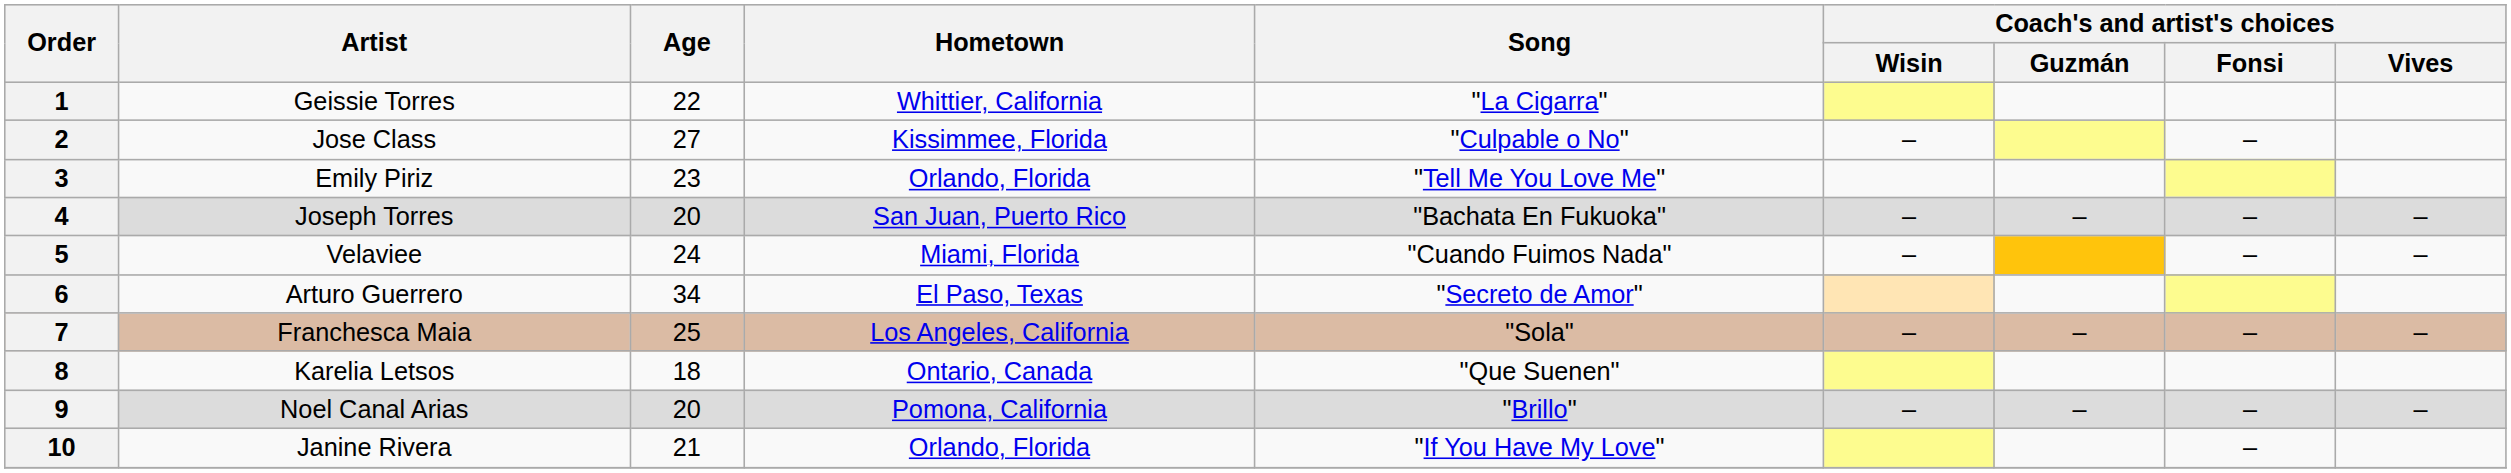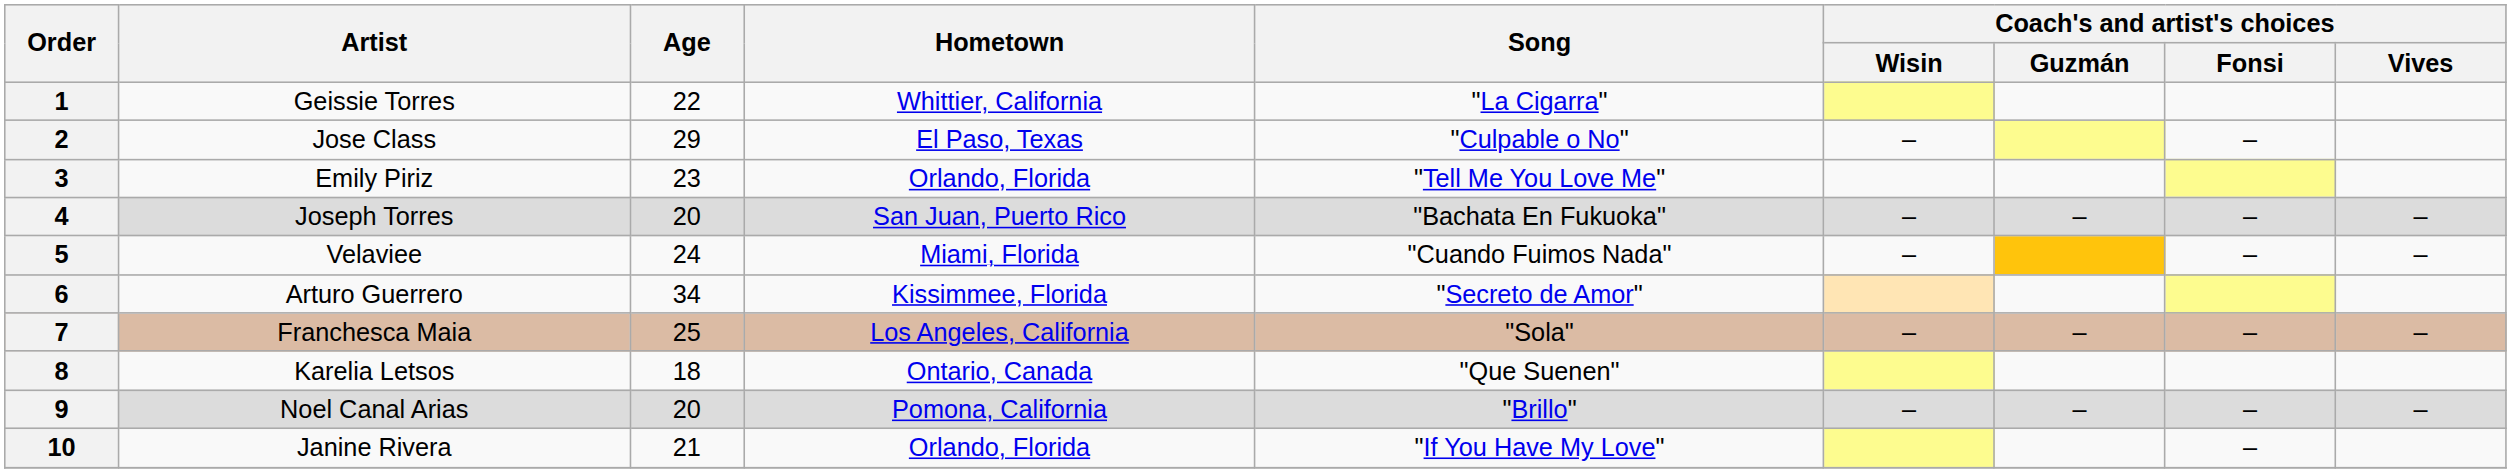 <table class="wikitable" style="text-align:center; line-height:17px; width:100%;">
 <tr>
 <th scope="col" rowspan="2" style="width:04%;">Order</th>
 <th scope="col" rowspan="2" style="width:18%;">Artist</th>
 <th scope="col" rowspan="2" style="width:04%;">Age</th>
 <th scope="col" rowspan="2" style="width:18%;">Hometown</th>
 <th scope="col" rowspan="2" style="width:20%;">Song</th>
 <th scope="col" colspan="4" style="width:24%;">Coach's and artist's choices</th>
 </tr>
 <tr>
 <th style="width:06%;">Wisin</th>
 <th style="width:06%;">Guzmán</th>
 <th style="width:06%;">Fonsi</th>
 <th style="width:06%;">Vives</th>
 </tr>
 <tr>
 <th>1</th>
 <td>Geissie Torres</td>
 <td>22</td>
 <td><a href='#'>Whittier, California</a></td>
 <td>"<a href='#'>La Cigarra</a>"</td>
 <td style="background:#fdfc8f;"><strong></strong></td>
 <td><strong></strong></td>
 <td><strong></strong></td>
 <td><strong></strong></td>
 </tr>
 <tr>
 <th>2</th>
 <td>Jose Class</td>
-<td>27</td>
-<td><a href='#'>Kissimmee, Florida</a></td>
+<td>29</td>
+<td><a href='#'>El Paso, Texas</a></td>
 <td>"<a href='#'>Culpable o No</a>"</td>
 <td>–</td>
 <td style="background:#fdfc8f;"><strong></strong></td>
 <td>–</td>
 <td><strong></strong></td>
 </tr>
 <tr>
 <th>3</th>
 <td>Emily Piriz</td>
 <td>23</td>
 <td><a href='#'>Orlando, Florida</a></td>
 <td>"<a href='#'>Tell Me You Love Me</a>"</td>
 <td><strong></strong></td>
 <td><strong></strong></td>
 <td style="background:#fdfc8f;"><strong></strong></td>
 <td><strong></strong></td>
 </tr>
 <tr style="background:#dcdcdc;">
 <th>4</th>
 <td>Joseph Torres</td>
 <td>20</td>
 <td><a href='#'>San Juan, Puerto Rico</a></td>
 <td>"Bachata En Fukuoka"</td>
 <td>–</td>
 <td>–</td>
 <td>–</td>
 <td>–</td>
 </tr>
 <tr>
 <th>5</th>
 <td>Velaviee</td>
 <td>24</td>
 <td><a href='#'>Miami, Florida</a></td>
 <td>"Cuando Fuimos Nada"</td>
 <td>–</td>
 <td style="background:#ffc40c;"><strong></strong></td>
 <td>–</td>
 <td>–</td>
 </tr>
 <tr>
 <th>6</th>
 <td>Arturo Guerrero</td>
 <td>34</td>
-<td><a href='#'>El Paso, Texas</a></td>
+<td><a href='#'>Kissimmee, Florida</a></td>
 <td>"<a href='#'>Secreto de Amor</a>"</td>
 <td style="background-color:#ffe5b4;"><strong></strong></td>
 <td><strong></strong></td>
 <td style="background:#fdfc8f;"><strong></strong></td>
 <td><strong></strong></td>
 </tr>
 <tr style="background:#dbbba4;">
 <th>7</th>
 <td>Franchesca Maia</td>
 <td>25</td>
 <td><a href='#'>Los Angeles, California</a></td>
 <td>"Sola"</td>
 <td>–</td>
 <td>–</td>
 <td>–</td>
 <td>–</td>
 </tr>
 <tr>
 <th>8</th>
 <td>Karelia Letsos</td>
 <td>18</td>
 <td><a href='#'>Ontario, Canada</a></td>
 <td>"Que Suenen"</td>
 <td style="background:#fdfc8f;"><strong></strong></td>
 <td><strong></strong></td>
 <td><strong></strong></td>
 <td><strong></strong></td>
 </tr>
 <tr style="background:#dcdcdc;">
 <th>9</th>
 <td>Noel Canal Arias</td>
 <td>20</td>
 <td><a href='#'>Pomona, California</a></td>
 <td>"<a href='#'>Brillo</a>"</td>
 <td>–</td>
 <td>–</td>
 <td>–</td>
 <td>–</td>
 </tr>
 <tr>
 <th>10</th>
 <td>Janine Rivera</td>
 <td>21</td>
 <td><a href='#'>Orlando, Florida</a></td>
 <td>"<a href='#'>If You Have My Love</a>"</td>
 <td style="background:#fdfc8f;"><strong></strong></td>
 <td><strong></strong></td>
 <td>–</td>
 <td><strong></strong></td>
 </tr>
 <tr>
 </tr>
 </table>
